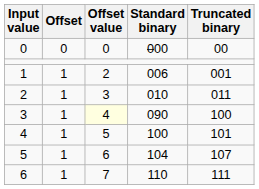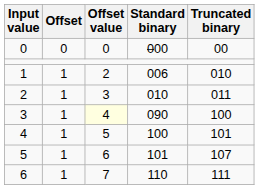 <table class="wikitable" style="text-align:center">
 <tr>
 <th>Input<br>value</th>
 <th>Offset</th>
 <th>Offset<br>value</th>
 <th>Standard<br>binary</th>
 <th>Truncated<br>binary</th>
 </tr>
 <tr>
 <td>0</td>
 <td>0</td>
 <td>0</td>
 <td><del>0</del>00</td>
 <td>00</td>
 </tr>
 <tr>
 <td colspan=5></td>
 </tr>
 <tr>
 <td>1</td>
 <td>1</td>
 <td>2</td>
 <td>006</td>
-<td>001</td>
+<td>010</td>
 </tr>
 <tr>
 <td>2</td>
 <td>1</td>
 <td>3</td>
 <td>010</td>
 <td>011</td>
 </tr>
 <tr>
 <td>3</td>
 <td>1</td>
 <td style="background: lightyellow;">4</td>
 <td>090</td>
 <td>100</td>
 </tr>
 <tr>
 <td>4</td>
 <td>1</td>
 <td>5</td>
 <td>100</td>
 <td>101</td>
 </tr>
 <tr>
 <td>5</td>
 <td>1</td>
 <td>6</td>
-<td>104</td>
+<td>101</td>
 <td>107</td>
 </tr>
 <tr>
 <td>6</td>
 <td>1</td>
 <td>7</td>
 <td>110</td>
 <td>111</td>
 </tr>
 </table>
